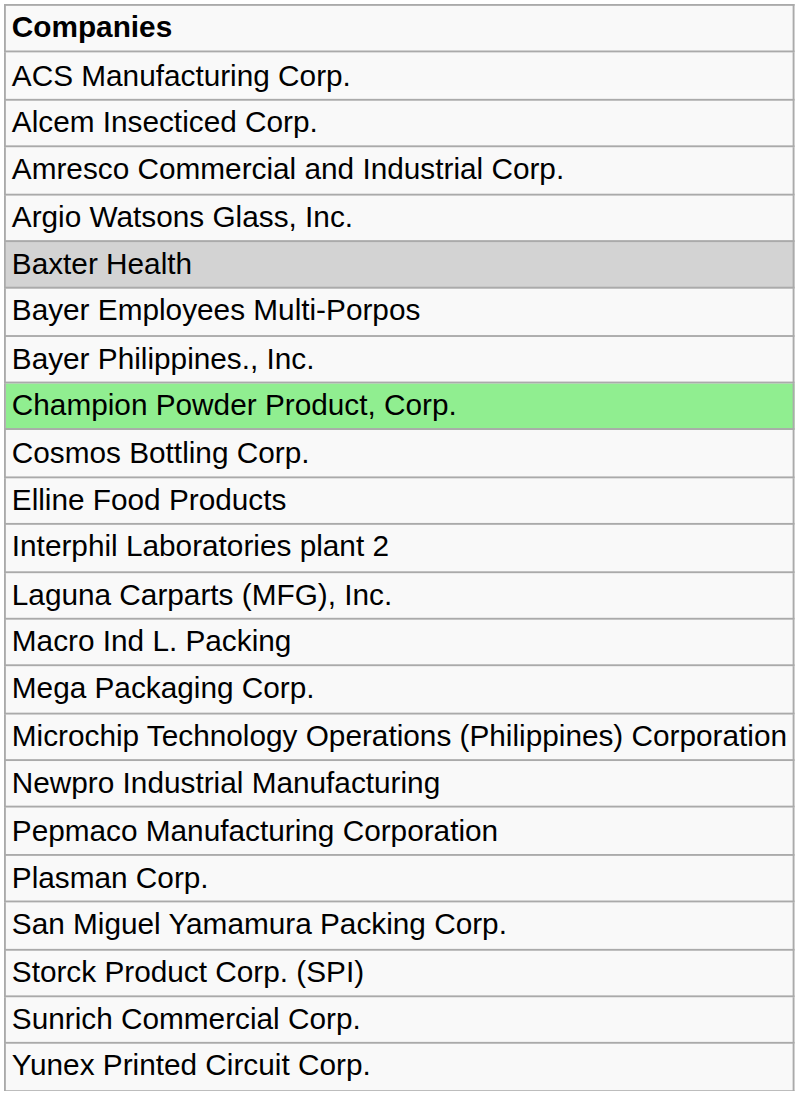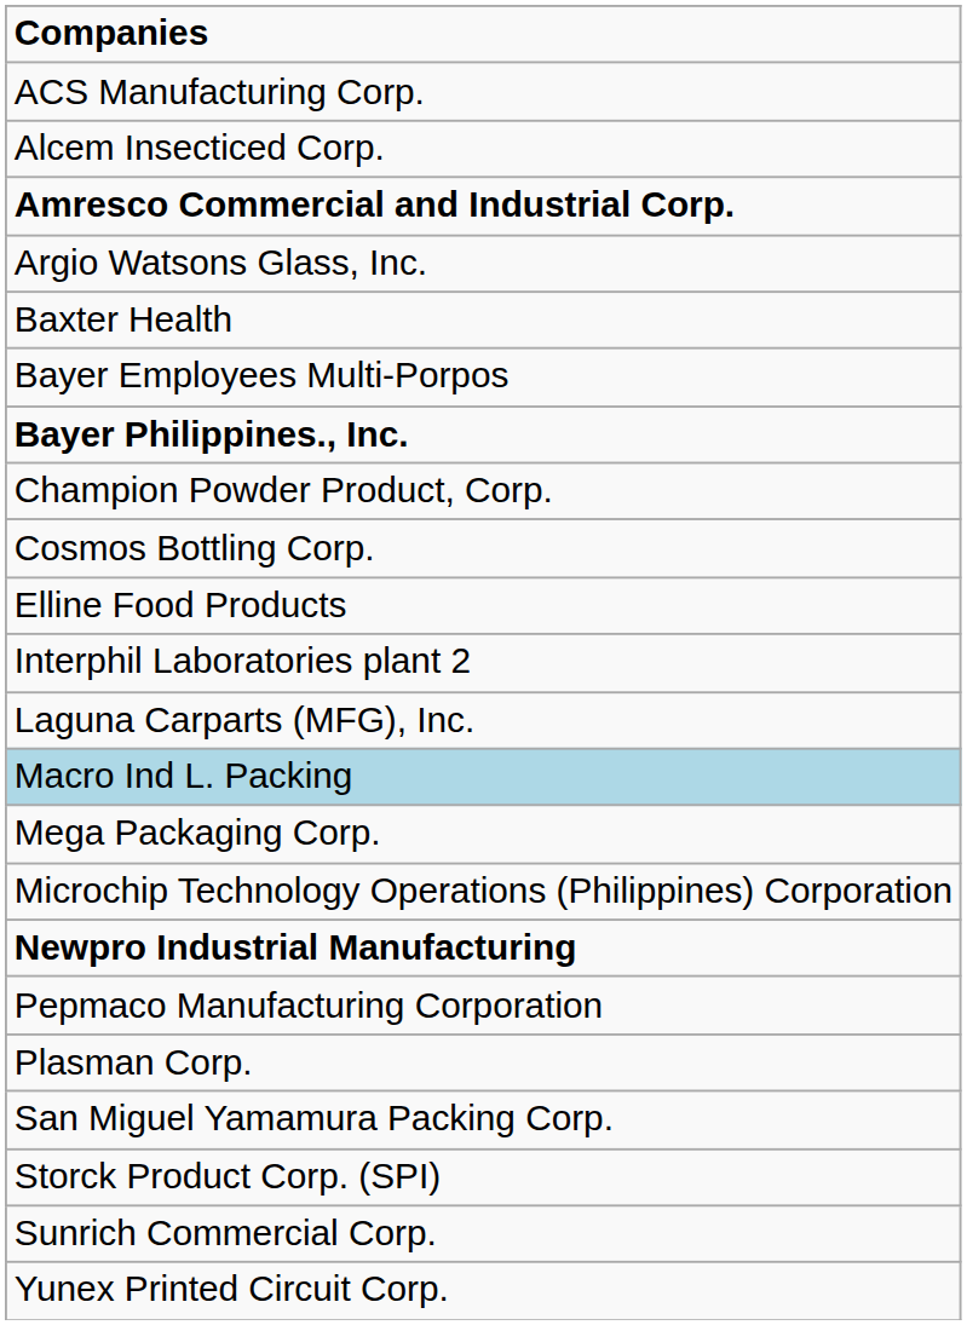 <table class="wikitable" style="font-size:100%">
 <tr>
 <td><strong>Companies</strong></td>
 </tr>
 <tr>
 <td>ACS Manufacturing Corp.</td>
 </tr>
 <tr>
 <td>Alcem Insecticed Corp.</td>
 </tr>
 <tr>
-<td>Amresco Commercial and Industrial Corp.</td>
+<td><strong>Amresco Commercial and Industrial Corp.</strong></td>
 </tr>
 <tr>
 <td>Argio Watsons Glass, Inc.</td>
 </tr>
 <tr>
-<td style="background: lightgrey;">Baxter Health</td>
+<td>Baxter Health</td>
 </tr>
 <tr>
 <td>Bayer Employees Multi-Porpos</td>
 </tr>
 <tr>
-<td>Bayer Philippines., Inc.</td>
+<td><strong>Bayer Philippines., Inc.</strong></td>
 </tr>
 <tr>
-<td style="background: lightgreen;">Champion Powder Product, Corp.</td>
+<td>Champion Powder Product, Corp.</td>
 </tr>
 <tr>
 <td>Cosmos Bottling Corp.</td>
 </tr>
 <tr>
 <td>Elline Food Products</td>
 </tr>
 <tr>
 <td>Interphil Laboratories plant 2</td>
 </tr>
 <tr>
 <td>Laguna Carparts (MFG), Inc.</td>
 </tr>
 <tr>
-<td>Macro Ind L. Packing</td>
+<td style="background: lightblue;">Macro Ind L. Packing</td>
 </tr>
 <tr>
 <td>Mega Packaging Corp.</td>
 </tr>
 <tr>
 <td>Microchip Technology Operations (Philippines) Corporation</td>
 </tr>
 <tr>
-<td>Newpro Industrial Manufacturing</td>
+<td><strong>Newpro Industrial Manufacturing</strong></td>
 </tr>
 <tr>
 <td>Pepmaco Manufacturing Corporation</td>
 </tr>
 <tr>
 <td>Plasman Corp.</td>
 </tr>
 <tr>
 <td>San Miguel Yamamura Packing Corp.</td>
 </tr>
 <tr>
 <td>Storck Product Corp. (SPI)</td>
 </tr>
 <tr>
 <td>Sunrich Commercial Corp.</td>
 </tr>
 <tr>
 <td>Yunex Printed Circuit Corp.</td>
 </tr>
 </table>
